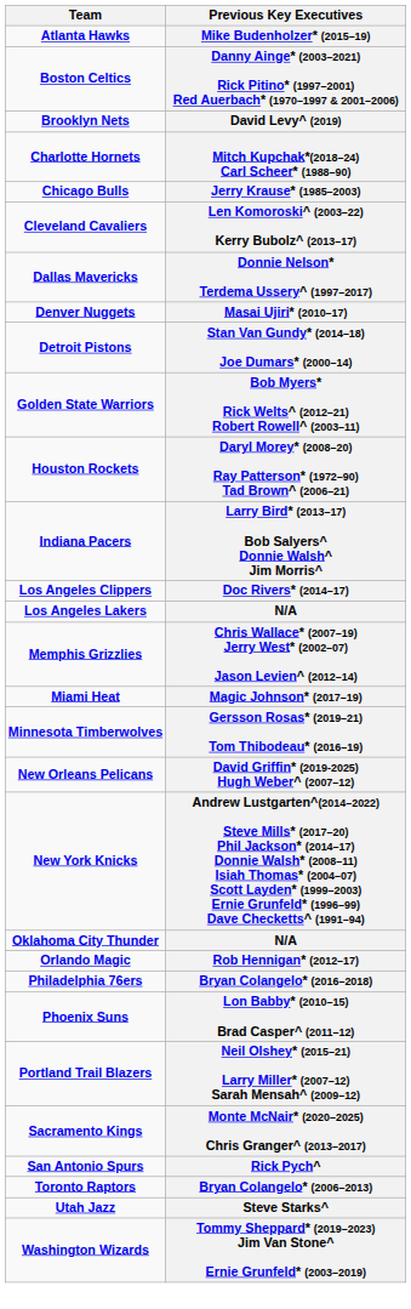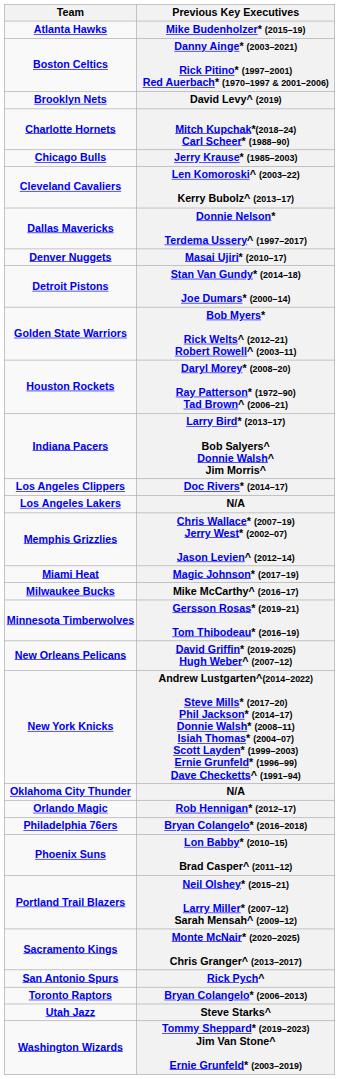 <table style="text-align:center" class="wikitable sortable">
 <tr>
 <th>Team</th>
 <th style="width:60%;">Previous Key Executives</th>
 </tr>
 <tr>
 <td><strong><a href='#'>Atlanta Hawks</a></strong></td>
 <th scope="row"><a href='#'>Mike Budenholzer</a>* <small>(2015–19)</small></th>
 </tr>
 <tr>
 <td><strong><a href='#'>Boston Celtics</a></strong></td>
 <th scope="row"><a href='#'>Danny Ainge</a>* <small>(2003–2021)</small><br><br><a href='#'>Rick Pitino</a>* <small>(1997–2001)</small><br> <a href='#'>Red Auerbach</a>* <small>(1970–1997 & 2001–2006)</small></th>
 </tr>
 <tr>
 <td><strong><a href='#'>Brooklyn Nets</a></strong></td>
 <th scope="row">David Levy^ <small>(2019)</small></th>
 </tr>
 <tr>
 <td><strong><a href='#'>Charlotte Hornets</a></strong></td>
 <th scope="row"><br><a href='#'>Mitch Kupchak</a>*<small>(2018–24)</small><br>  <a href='#'>Carl Scheer</a>* <small>(1988–90)</small></th>
 </tr>
 <tr>
 <td><strong><a href='#'>Chicago Bulls</a></strong></td>
 <th scope="row"><a href='#'>Jerry Krause</a>* <small>(1985–2003)</small></th>
 </tr>
 <tr>
 <td><strong><a href='#'>Cleveland Cavaliers</a></strong></td>
 <th scope="row"><a href='#'>Len Komoroski</a>^ <small>(2003–22)</small><br><br>Kerry Bubolz^ <small>(2013–17)</small></th>
 </tr>
 <tr>
 <td><strong><a href='#'>Dallas Mavericks</a></strong></td>
 <th scope="row"><a href='#'>Donnie Nelson</a>*<br><br><a href='#'>Terdema Ussery</a>^ <small>(1997–2017)</small></th>
 </tr>
 <tr>
 <td><strong><a href='#'>Denver Nuggets</a></strong></td>
 <th scope="row"><a href='#'>Masai Ujiri</a>* <small>(2010–17)</small></th>
 </tr>
 <tr>
 <td><strong><a href='#'>Detroit Pistons</a></strong></td>
 <th scope="row"><a href='#'>Stan Van Gundy</a>* <small>(2014–18)</small><br><br><a href='#'>Joe Dumars</a>* <small>(2000–14)</small></th>
 </tr>
 <tr>
 <td><strong><a href='#'>Golden State Warriors</a></strong></td>
 <th scope="row"><a href='#'>Bob Myers</a>*<br><br><a href='#'>Rick Welts</a>^ <small>(2012–21)</small><br>  <a href='#'>Robert Rowell</a>^ <small>(2003–11)</small></th>
 </tr>
 <tr>
 <td><strong><a href='#'>Houston Rockets</a></strong></td>
 <th scope="row"><a href='#'>Daryl Morey</a>* <small>(2008–20)</small><br><br><a href='#'>Ray Patterson</a>* <small>(1972–90)</small><br>  <a href='#'>Tad Brown</a>^ <small>(2006–21)</small></th>
 </tr>
 <tr>
 <td><strong><a href='#'>Indiana Pacers</a></strong></td>
 <th scope="row"><a href='#'>Larry Bird</a>* <small>(2013–17)</small><br><br>Bob Salyers^<br>  <a href='#'>Donnie Walsh</a>^<br>  Jim Morris^</th>
 </tr>
 <tr>
 <td><strong><a href='#'>Los Angeles Clippers</a></strong></td>
 <th scope="row"><a href='#'>Doc Rivers</a>* <small>(2014–17)</small></th>
 </tr>
 <tr>
 <td><strong><a href='#'>Los Angeles Lakers</a></strong></td>
 <th scope="row">N/A</th>
 </tr>
 <tr>
 <td><strong><a href='#'>Memphis Grizzlies</a></strong></td>
 <th scope="row"><a href='#'>Chris Wallace</a>* <small>(2007–19)</small><br><a href='#'>Jerry West</a>* <small>(2002–07)</small><br><br><a href='#'>Jason Levien</a>^ <small>(2012–14)</small></th>
 </tr>
 <tr>
 <td><strong><a href='#'>Miami Heat</a></strong></td>
 <th scope="row"><a href='#'>Magic Johnson</a>* <small>(2017–19)</small></th>
 </tr>
 <tr>
+<td><strong><a href='#'>Milwaukee Bucks</a></strong></td>
+<th scope="row">Mike McCarthy^ <small>(2016–17)</small></th>
+</tr>
+<tr>
 <td><strong><a href='#'>Minnesota Timberwolves</a></strong></td>
 <th scope="row"><a href='#'>Gersson Rosas</a>* <small>(2019–21)</small><br><br><a href='#'>Tom Thibodeau</a>* <small>(2016–19)</small></th>
 </tr>
 <tr>
 <td><strong><a href='#'>New Orleans Pelicans</a></strong></td>
 <th scope="row"><a href='#'>David Griffin</a>* <small>(2019-2025)</small><br><a href='#'>Hugh Weber</a>^ <small>(2007–12)</small></th>
 </tr>
 <tr>
 <td><strong><a href='#'>New York Knicks</a></strong></td>
 <th scope="row">Andrew Lustgarten^<small>(2014–2022)</small><br><br><a href='#'>Steve Mills</a>* <small>(2017–20)</small><br> <a href='#'>Phil Jackson</a>* <small>(2014–17)</small><br>  <a href='#'>Donnie Walsh</a>* <small>(2008–11)</small><br> <a href='#'>Isiah Thomas</a>* <small>(2004–07)</small><br>  <a href='#'>Scott Layden</a>* <small>(1999–2003)</small><br> <a href='#'>Ernie Grunfeld</a>* <small>(1996–99)</small><br> <a href='#'>Dave Checketts</a>^ <small>(1991–94)</small></th>
 </tr>
 <tr>
 <td><strong><a href='#'>Oklahoma City Thunder</a></strong></td>
 <th scope="row">N/A</th>
 </tr>
 <tr>
 <td><strong><a href='#'>Orlando Magic</a></strong></td>
 <th scope="row"><a href='#'>Rob Hennigan</a>* <small>(2012–17)</small></th>
 </tr>
 <tr>
 <td><strong><a href='#'>Philadelphia 76ers</a></strong></td>
 <th scope="row"><a href='#'>Bryan Colangelo</a>* <small>(2016–2018)</small></th>
 </tr>
 <tr>
 <td><strong><a href='#'>Phoenix Suns</a></strong></td>
 <th scope="row"><a href='#'>Lon Babby</a>* <small>(2010–15)</small><br><br>Brad Casper^ <small>(2011–12)</small></th>
 </tr>
 <tr>
 <td><strong><a href='#'>Portland Trail Blazers</a></strong></td>
 <th scope="row"><a href='#'>Neil Olshey</a>* <small>(2015–21)</small><br><br><a href='#'>Larry Miller</a>* <small>(2007–12)</small><br> Sarah Mensah^ <small>(2009–12)</small></th>
 </tr>
 <tr>
 <td><strong><a href='#'>Sacramento Kings</a></strong></td>
 <th scope="row"><a href='#'>Monte McNair</a>* <small>(2020–2025)</small><br><br>Chris Granger^ <small>(2013–2017)</small></th>
 </tr>
 <tr>
 <td><strong><a href='#'>San Antonio Spurs</a></strong></td>
 <th scope="row"><a href='#'>Rick Pych</a>^</th>
 </tr>
 <tr>
 <td><strong><a href='#'>Toronto Raptors</a></strong></td>
 <th scope="row"><a href='#'>Bryan Colangelo</a>* <small>(2006–2013)</small></th>
 </tr>
 <tr>
 <td><strong><a href='#'>Utah Jazz</a></strong></td>
 <th scope="row">Steve Starks^</th>
 </tr>
 <tr>
 <td><strong><a href='#'>Washington Wizards</a></strong></td>
 <th scope="row"><a href='#'>Tommy Sheppard</a>* <small>(2019–2023)</small><br> Jim Van Stone^<br><br><a href='#'>Ernie Grunfeld</a>* <small>(2003–2019)</small></th>
 </tr>
 </table>
